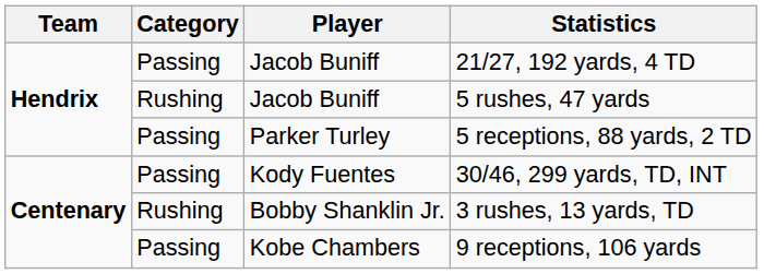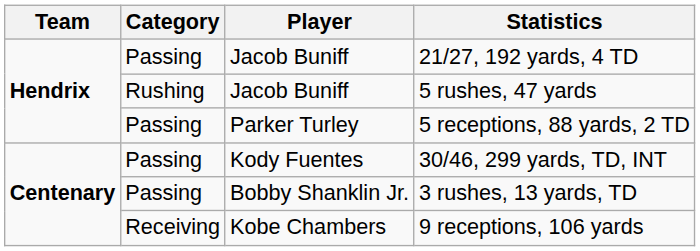 <table class="wikitable" style="float: left;">
 <tr>
 <th>Team</th>
 <th>Category</th>
 <th>Player</th>
 <th>Statistics</th>
 </tr>
 <tr>
 <td rowspan=3><strong>Hendrix</strong></td>
 <td>Passing</td>
 <td>Jacob Buniff</td>
 <td>21/27, 192 yards, 4 TD</td>
 </tr>
 <tr>
 <td>Rushing</td>
 <td>Jacob Buniff</td>
 <td>5 rushes, 47 yards</td>
 </tr>
 <tr>
 <td>Passing</td>
 <td>Parker Turley</td>
 <td>5 receptions, 88 yards, 2 TD</td>
 </tr>
 <tr>
 <td rowspan=3><strong>Centenary</strong></td>
 <td>Passing</td>
 <td>Kody Fuentes</td>
 <td>30/46, 299 yards, TD, INT</td>
 </tr>
 <tr>
-<td>Rushing</td>
+<td>Passing</td>
 <td>Bobby Shanklin Jr.</td>
 <td>3 rushes, 13 yards, TD</td>
 </tr>
 <tr>
-<td>Passing</td>
+<td>Receiving</td>
 <td>Kobe Chambers</td>
 <td>9 receptions, 106 yards</td>
 </tr>
 </table>
